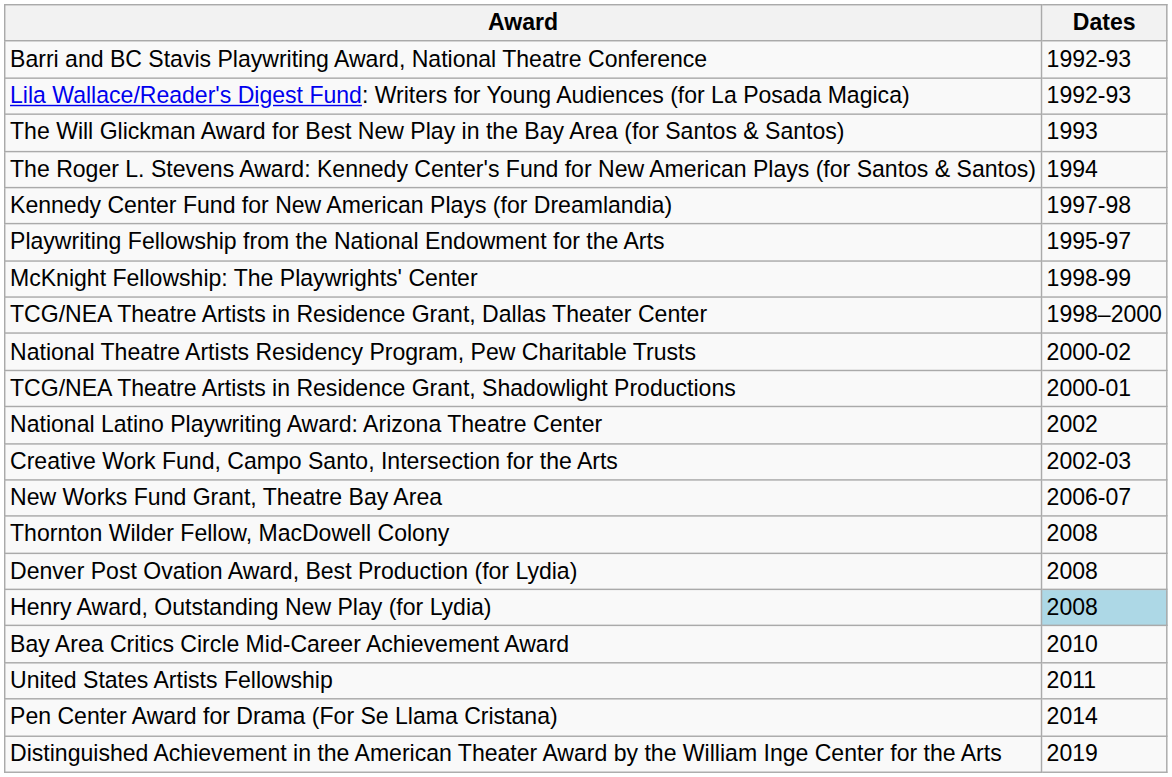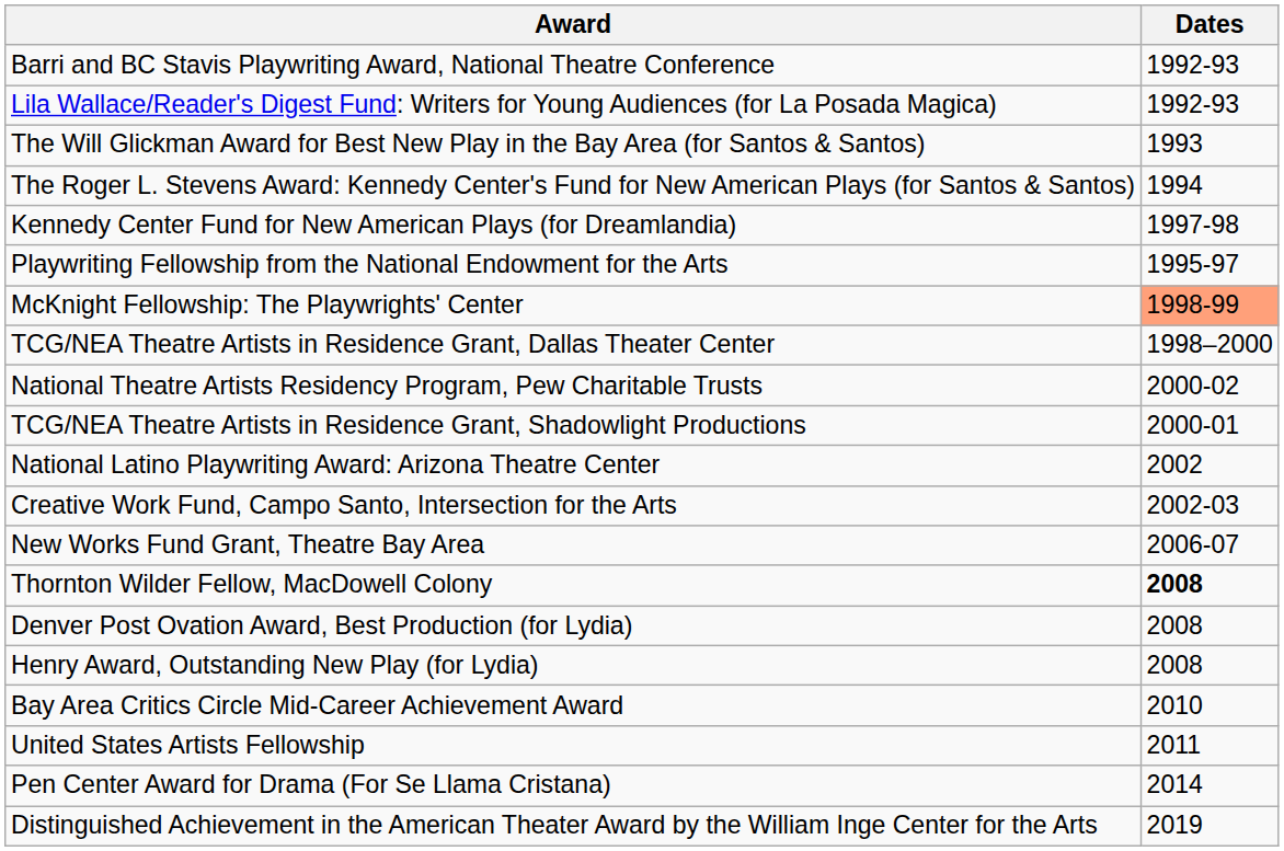 <table class="wikitable">
 <tr>
 <th>Award</th>
 <th>Dates</th>
 </tr>
 <tr>
 <td>Barri and BC Stavis Playwriting Award, National Theatre Conference</td>
 <td>1992-93</td>
 </tr>
 <tr>
 <td><a href='#'>Lila Wallace/Reader's Digest Fund</a>: Writers for Young Audiences (for La Posada Magica)</td>
 <td>1992-93</td>
 </tr>
 <tr>
 <td>The Will Glickman Award for Best New Play in the Bay Area (for Santos & Santos)</td>
 <td>1993</td>
 </tr>
 <tr>
 <td>The Roger L. Stevens Award: Kennedy Center's Fund for New American Plays (for Santos & Santos)</td>
 <td>1994</td>
 </tr>
 <tr>
 <td>Kennedy Center Fund for New American Plays (for Dreamlandia)</td>
 <td>1997-98</td>
 </tr>
 <tr>
 <td>Playwriting Fellowship from the National Endowment for the Arts</td>
 <td>1995-97</td>
 </tr>
 <tr>
 <td>McKnight Fellowship: The Playwrights' Center</td>
-<td>1998-99</td>
+<td style="background: lightsalmon;">1998-99</td>
 </tr>
 <tr>
 <td>TCG/NEA Theatre Artists in Residence Grant, Dallas Theater Center</td>
 <td>1998–2000</td>
 </tr>
 <tr>
 <td>National Theatre Artists Residency Program, Pew Charitable Trusts</td>
 <td>2000-02</td>
 </tr>
 <tr>
 <td>TCG/NEA Theatre Artists in Residence Grant, Shadowlight Productions</td>
 <td>2000-01</td>
 </tr>
 <tr>
 <td>National Latino Playwriting Award: Arizona Theatre Center</td>
 <td>2002</td>
 </tr>
 <tr>
 <td>Creative Work Fund, Campo Santo, Intersection for the Arts</td>
 <td>2002-03</td>
 </tr>
 <tr>
 <td>New Works Fund Grant, Theatre Bay Area</td>
 <td>2006-07</td>
 </tr>
 <tr>
 <td>Thornton Wilder Fellow, MacDowell Colony</td>
-<td>2008</td>
+<td><strong>2008</strong></td>
 </tr>
 <tr>
 <td>Denver Post Ovation Award, Best Production (for Lydia)</td>
 <td>2008</td>
 </tr>
 <tr>
 <td>Henry Award, Outstanding New Play (for Lydia)</td>
-<td style="background: lightblue;">2008</td>
+<td>2008</td>
 </tr>
 <tr>
 <td>Bay Area Critics Circle Mid-Career Achievement Award</td>
 <td>2010</td>
 </tr>
 <tr>
 <td>United States Artists Fellowship</td>
 <td>2011</td>
 </tr>
 <tr>
 <td>Pen Center Award for Drama (For Se Llama Cristana)</td>
 <td>2014</td>
 </tr>
 <tr>
 <td>Distinguished Achievement in the American Theater Award by the William Inge Center for the Arts</td>
 <td>2019</td>
 </tr>
 </table>
